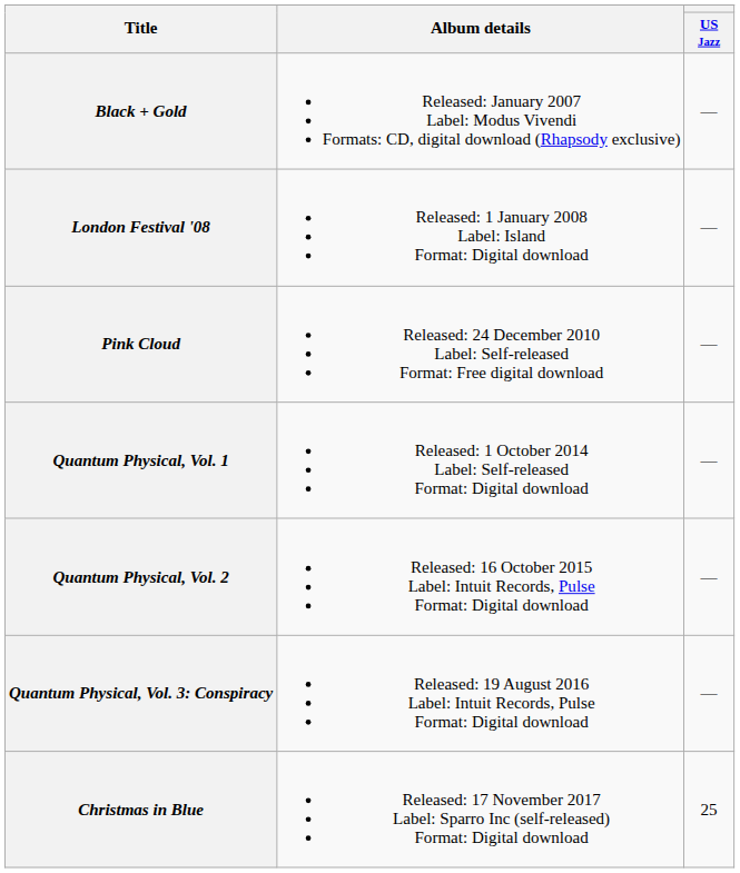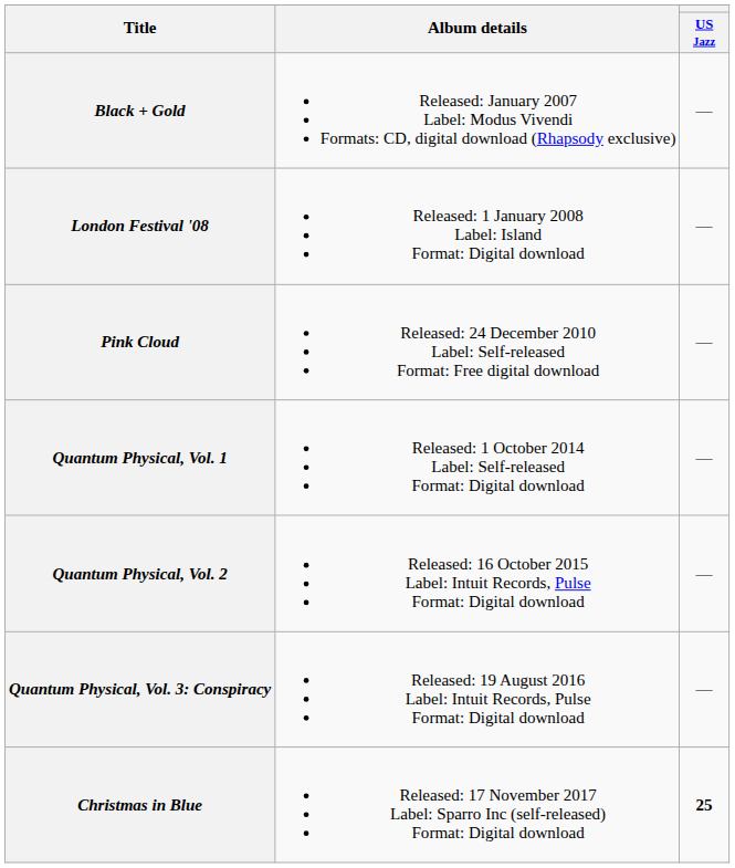 <table class="wikitable plainrowheaders" style="text-align:center;">
 <tr>
 </tr>
 <tr>
 <th scope="col" rowspan="2">Title</th>
 <th scope="col" rowspan="2">Album details</th>
 <th scope="col" colspan="2" style="width: 1em;"><small></small></th>
 </tr>
 <tr>
 <th style="width:3em;font-size:85%;"><a href='#'>US<br><small>Jazz</small></a><br></th>
 </tr>
 <tr>
 <th scope="row"><strong><em>Black + Gold</em></strong></th>
 <td><br><ul><li>Released: January 2007</li><li>Label: Modus Vivendi</li><li>Formats: CD, digital download <span>(<a href='#'>Rhapsody</a> exclusive)</span></li></ul></td>
 <td>—</td>
 </tr>
 <tr>
 <th scope="row"><strong><em>London Festival '08</em></strong></th>
 <td><br><ul><li>Released: 1 January 2008</li><li>Label: Island</li><li>Format: Digital download</li></ul></td>
 <td>—</td>
 </tr>
 <tr>
 <th scope="row"><strong><em>Pink Cloud</em></strong></th>
 <td><br><ul><li>Released: 24 December 2010</li><li>Label: Self-released</li><li>Format: Free digital download</li></ul></td>
 <td>—</td>
 </tr>
 <tr>
 <th scope="row"><strong><em>Quantum Physical, Vol. 1</em></strong></th>
 <td><br><ul><li>Released: 1 October 2014</li><li>Label: Self-released</li><li>Format: Digital download</li></ul></td>
 <td>—</td>
 </tr>
 <tr>
 <th scope="row"><strong><em>Quantum Physical, Vol. 2</em></strong></th>
 <td><br><ul><li>Released: 16 October 2015</li><li>Label: Intuit Records, <a href='#'>Pulse</a></li><li>Format: Digital download</li></ul></td>
 <td>—</td>
 </tr>
 <tr>
 <th scope="row"><strong><em>Quantum Physical, Vol. 3: Conspiracy</em></strong></th>
 <td><br><ul><li>Released: 19 August 2016</li><li>Label: Intuit Records, Pulse</li><li>Format: Digital download</li></ul></td>
 <td>—</td>
 </tr>
 <tr>
 <th scope="row"><strong><em>Christmas in Blue</em></strong></th>
 <td><br><ul><li>Released: 17 November 2017</li><li>Label: Sparro Inc (self-released)</li><li>Format: Digital download</li></ul></td>
-<td>25</td>
+<td><strong>25</strong></td>
 </tr>
 </table>
